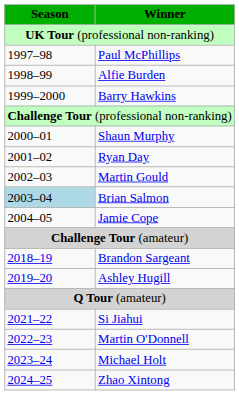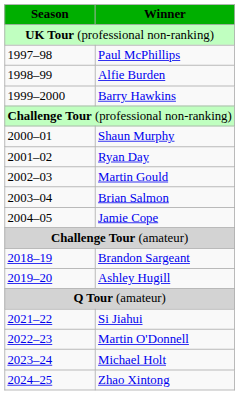 <table class="wikitable" style="margin: auto">
 <tr>
 <th style="text-align: center; background-color: #00af00">Season</th>
 <th style="text-align: center; background-color: #00af00">Winner</th>
 </tr>
 <tr>
 <td colspan=2 style="text-align: center; background-color: #c0ffc0"><strong>UK Tour</strong> (professional non-ranking)</td>
 </tr>
 <tr>
 <td>1997–98</td>
 <td> <a href='#'>Paul McPhillips</a></td>
 </tr>
 <tr>
 <td>1998–99</td>
 <td> <a href='#'>Alfie Burden</a></td>
 </tr>
 <tr>
 <td>1999–2000</td>
 <td> <a href='#'>Barry Hawkins</a></td>
 </tr>
 <tr>
 <td colspan=2 style="text-align: center; background-color: #c0ffc0"><strong>Challenge Tour</strong> (professional non-ranking)</td>
 </tr>
 <tr>
 <td>2000–01</td>
 <td> <a href='#'>Shaun Murphy</a></td>
 </tr>
 <tr>
 <td>2001–02</td>
 <td> <a href='#'>Ryan Day</a></td>
 </tr>
 <tr>
 <td>2002–03</td>
 <td> <a href='#'>Martin Gould</a></td>
 </tr>
 <tr>
-<td style="background: lightblue;">2003–04</td>
+<td>2003–04</td>
 <td> <a href='#'>Brian Salmon</a></td>
 </tr>
 <tr>
 <td>2004–05</td>
 <td> <a href='#'>Jamie Cope</a></td>
 </tr>
 <tr>
 <td colspan=2 style="text-align: center; background-color:lightgrey"><strong>Challenge Tour</strong> (amateur)</td>
 </tr>
 <tr>
 <td><a href='#'>2018–19</a></td>
 <td> <a href='#'>Brandon Sargeant</a></td>
 </tr>
 <tr>
 <td><a href='#'>2019–20</a></td>
 <td> <a href='#'>Ashley Hugill</a></td>
 </tr>
 <tr>
 <td colspan=2 style="text-align: center; background-color:lightgrey"><strong>Q Tour</strong> (amateur)</td>
 </tr>
 <tr>
 <td><a href='#'>2021–22</a></td>
 <td> <a href='#'>Si Jiahui</a></td>
 </tr>
 <tr>
 <td><a href='#'>2022–23</a></td>
 <td> <a href='#'>Martin O'Donnell</a></td>
 </tr>
 <tr>
 <td><a href='#'>2023–24</a></td>
 <td> <a href='#'>Michael Holt</a></td>
 </tr>
 <tr>
 <td><a href='#'>2024–25</a></td>
 <td> <a href='#'>Zhao Xintong</a></td>
 </tr>
 </table>
